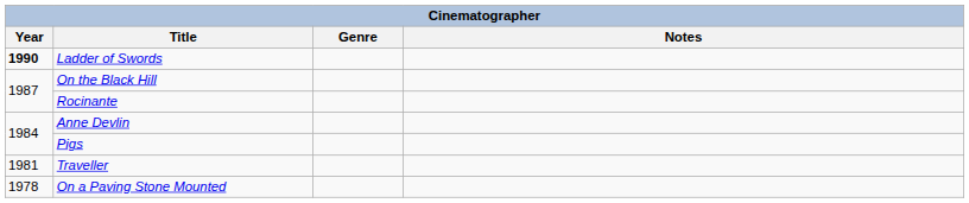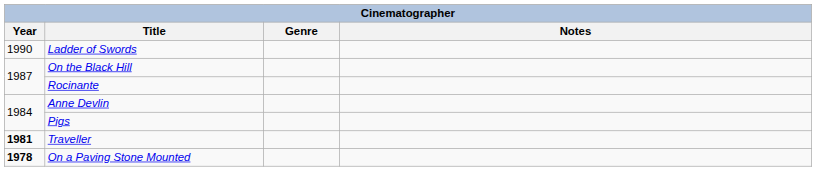 <table class="wikitable sortable" width="90%">
 <tr bgcolor="#CCCCCC" align="center">
 <th colspan="4" style="background: LightSteelBlue;">Cinematographer</th>
 </tr>
 <tr>
 <th width="50px">Year</th>
 <th width="300px">Title</th>
 <th width="100px">Genre</th>
 <th class="unsortable">Notes</th>
 </tr>
 <tr>
-<td><strong>1990</strong></td>
+<td>1990</td>
 <td><em><a href='#'>Ladder of Swords</a></em></td>
 <td></td>
 <td></td>
 </tr>
 <tr>
 <td rowspan="2">1987</td>
 <td><em><a href='#'>On the Black Hill</a></em></td>
 <td></td>
 <td></td>
 </tr>
 <tr>
 <td><em><a href='#'>Rocinante</a></em></td>
 <td></td>
 <td></td>
 </tr>
 <tr>
 <td rowspan="2">1984</td>
 <td><em><a href='#'>Anne Devlin</a></em></td>
 <td></td>
 <td></td>
 </tr>
 <tr>
 <td><em><a href='#'>Pigs</a></em></td>
 <td></td>
 <td></td>
 </tr>
 <tr>
-<td>1981</td>
+<td><strong>1981</strong></td>
 <td><em><a href='#'>Traveller</a></em></td>
 <td></td>
 <td></td>
 </tr>
 <tr>
-<td>1978</td>
+<td><strong>1978</strong></td>
 <td><em><a href='#'>On a Paving Stone Mounted</a></em></td>
 <td></td>
 <td></td>
 </tr>
 </table>
